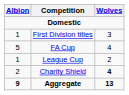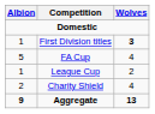 <table class="wikitable" style="text-align: center; font-size: 12px">
 <tr>
 <th><a href='#'>Albion</a></th>
 <th>Competition</th>
 <th><a href='#'>Wolves</a></th>
 </tr>
 <tr style="text-align:center;">
 <td colspan="4"><strong>Domestic</strong></td>
 </tr>
 <tr style="text-align:center;">
 <td>1</td>
 <td><a href='#'>First Division titles</a></td>
-<td>3</td>
+<td><strong>3</strong></td>
 </tr>
 <tr style="text-align:center;">
 <td>5</td>
 <td><a href='#'>FA Cup</a></td>
 <td>4</td>
 </tr>
 <tr style="text-align:center;">
 <td>1</td>
 <td><a href='#'>League Cup</a></td>
 <td>2</td>
 </tr>
 <tr style="text-align:center">
 <td>2</td>
 <td><a href='#'>Charity Shield</a></td>
-<td><strong>4</strong></td>
+<td>4</td>
 </tr>
 <tr align="center">
 <td><strong>9</strong></td>
 <td><strong>Aggregate</strong></td>
 <td><strong>13</strong></td>
 </tr>
 </table>
